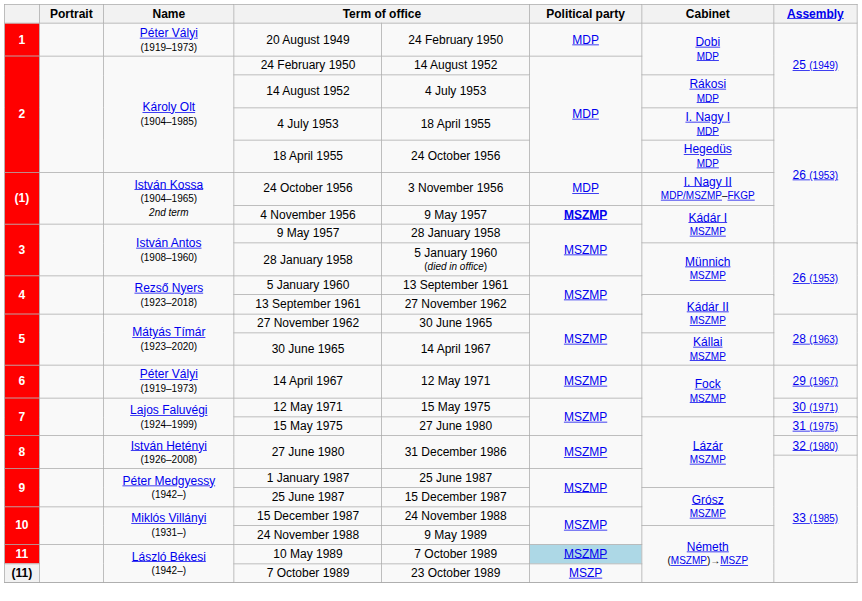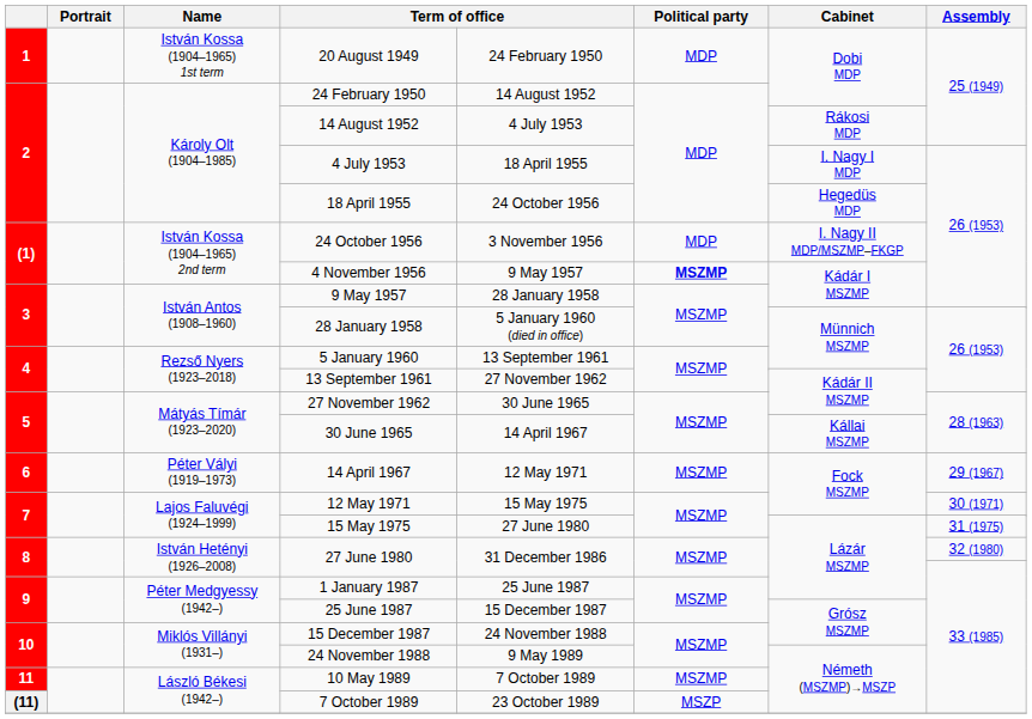 <table class="wikitable" style="width:90%; text-align:center;">
 <tr>
 <th></th>
 <th>Portrait</th>
 <th>Name<br></th>
 <th colspan=2>Term of office</th>
 <th>Political party</th>
 <th>Cabinet</th>
 <th><a href='#'>Assembly</a><br></th>
 </tr>
 <tr>
 <th style="background:Red; color:white">1</th>
 <td></td>
-<td><a href='#'>Péter Vályi</a><br><small>(1919–1973)</small></td>
+<td><a href='#'>István Kossa</a><br><small>(1904–1965)<br><em>1st term</em></small></td>
 <td>20 August 1949</td>
 <td>24 February 1950</td>
 <td><a href='#'>MDP</a></td>
 <td rowspan="2"><a href='#'>Dobi</a><br><small><a href='#'>MDP</a></small></td>
 <td rowspan="3"><a href='#'>25 <small>(1949)</small></a></td>
 </tr>
 <tr>
 <th rowspan="4" style="background:Red; color:white">2</th>
 <td rowspan="4"></td>
 <td rowspan="4"><a href='#'>Károly Olt</a><br><small>(1904–1985)</small></td>
 <td>24 February 1950</td>
 <td>14 August 1952</td>
 <td rowspan="4"><a href='#'>MDP</a></td>
 </tr>
 <tr>
 <td>14 August 1952</td>
 <td>4 July 1953</td>
 <td><a href='#'>Rákosi</a><br><small><a href='#'>MDP</a></small></td>
 </tr>
 <tr>
 <td>4 July 1953</td>
 <td>18 April 1955</td>
 <td><a href='#'>I. Nagy I</a><br><small><a href='#'>MDP</a></small></td>
 <td rowspan="6"><a href='#'>26 <small>(1953)</small></a></td>
 </tr>
 <tr>
 <td>18 April 1955</td>
 <td>24 October 1956</td>
 <td><a href='#'>Hegedüs</a><br><small><a href='#'>MDP</a></small></td>
 </tr>
 <tr>
 <th rowspan="2" style="background:Red; color:white">(1)</th>
 <td rowspan="2"></td>
 <td rowspan="2"><a href='#'>István Kossa</a><br><small>(1904–1965)<br><em>2nd term</em></small></td>
 <td>24 October 1956</td>
 <td>3 November 1956</td>
 <td><a href='#'>MDP</a></td>
 <td><a href='#'>I. Nagy II</a><br><small><a href='#'>MDP/MSZMP</a>–<a href='#'>FKGP</a></small></td>
 </tr>
 <tr>
 <td>4 November 1956</td>
 <td>9 May 1957</td>
 <td><strong><a href='#'>MSZMP</a></strong></td>
 <td rowspan="2"><a href='#'>Kádár I</a><br><small><a href='#'>MSZMP</a></small></td>
 </tr>
 <tr>
 <th rowspan="3" style="background:Red; color:white">3</th>
 <td rowspan="3"></td>
 <td rowspan="3"><a href='#'>István Antos</a><br><small>(1908–1960)</small></td>
 <td>9 May 1957</td>
 <td>28 January 1958</td>
 <td rowspan="3"><a href='#'>MSZMP</a></td>
 </tr>
 <tr>
 <td rowspan="2">28 January 1958</td>
 <td rowspan="2">5 January 1960<br><small>(<em>died in office</em>)</small></td>
 <td rowspan="4"><a href='#'>Münnich</a><br><small><a href='#'>MSZMP</a></small></td>
 </tr>
 <tr>
 <td rowspan="5"><a href='#'>26 <small>(1953)</small></a></td>
 </tr>
 <tr>
 <th rowspan="3" style="background:Red; color:white">4</th>
 <td rowspan="3"></td>
 <td rowspan="3"><a href='#'>Rezső Nyers</a><br><small>(1923–2018)</small></td>
 <td>5 January 1960</td>
 <td>13 September 1961</td>
 <td rowspan="3"><a href='#'>MSZMP</a></td>
 </tr>
 <tr>
 <td rowspan="2">13 September 1961</td>
 <td rowspan="2">27 November 1962</td>
 </tr>
 <tr>
 <td rowspan="3"><a href='#'>Kádár II</a><br><small><a href='#'>MSZMP</a></small></td>
 </tr>
 <tr>
 <th rowspan="3" style="background:Red; color:white">5</th>
 <td rowspan="3"></td>
 <td rowspan="3"><a href='#'>Mátyás Tímár</a><br><small>(1923–2020)</small></td>
 <td rowspan="2">27 November 1962</td>
 <td rowspan="2">30 June 1965</td>
 <td rowspan="3"><a href='#'>MSZMP</a></td>
 </tr>
 <tr>
 <td rowspan="2"><a href='#'>28 <small>(1963)</small></a></td>
 </tr>
 <tr>
 <td>30 June 1965</td>
 <td>14 April 1967</td>
 <td><a href='#'>Kállai</a><br><small><a href='#'>MSZMP</a></small></td>
 </tr>
 <tr>
 <th style="background:Red; color:white">6</th>
 <td></td>
 <td><a href='#'>Péter Vályi</a><br><small>(1919–1973)</small></td>
 <td>14 April 1967</td>
 <td>12 May 1971</td>
 <td><a href='#'>MSZMP</a></td>
 <td rowspan="2"><a href='#'>Fock</a><br><small><a href='#'>MSZMP</a></small></td>
 <td><a href='#'>29 <small>(1967)</small></a></td>
 </tr>
 <tr>
 <th rowspan="3" style="background:Red; color:white">7</th>
 <td rowspan="3"></td>
 <td rowspan="3"><a href='#'>Lajos Faluvégi</a><br><small>(1924–1999)</small></td>
 <td>12 May 1971</td>
 <td>15 May 1975</td>
 <td rowspan="3"><a href='#'>MSZMP</a></td>
 <td rowspan="2"><a href='#'>30 <small>(1971)</small></a></td>
 </tr>
 <tr>
 <td rowspan="2">15 May 1975</td>
 <td rowspan="2">27 June 1980</td>
 <td rowspan="5"><a href='#'>Lázár</a><br><small><a href='#'>MSZMP</a></small></td>
 </tr>
 <tr>
 <td><a href='#'>31 <small>(1975)</small></a></td>
 </tr>
 <tr>
 <th rowspan="2" style="background:Red; color:white">8</th>
 <td rowspan="2"></td>
 <td rowspan="2"><a href='#'>István Hetényi</a><br><small>(1926–2008)</small></td>
 <td rowspan="2">27 June 1980</td>
 <td rowspan="2">31 December 1986</td>
 <td rowspan="2"><a href='#'>MSZMP</a></td>
 <td><a href='#'>32 <small>(1980)</small></a></td>
 </tr>
 <tr>
 <td rowspan="7"><a href='#'>33 <small>(1985)</small></a></td>
 </tr>
 <tr>
 <th rowspan="2" style="background:Red; color:white">9</th>
 <td rowspan="2"></td>
 <td rowspan="2"><a href='#'>Péter Medgyessy</a><br><small>(1942–)</small></td>
 <td>1 January 1987</td>
 <td>25 June 1987</td>
 <td rowspan="2"><a href='#'>MSZMP</a></td>
 </tr>
 <tr>
 <td>25 June 1987</td>
 <td>15 December 1987</td>
 <td rowspan="2"><a href='#'>Grósz</a><br><small><a href='#'>MSZMP</a></small></td>
 </tr>
 <tr>
 <th rowspan="2" style="background:Red; color:white">10</th>
 <td rowspan="2"></td>
 <td rowspan="2"><a href='#'>Miklós Villányi</a><br><small>(1931–)</small></td>
 <td>15 December 1987</td>
 <td>24 November 1988</td>
 <td rowspan="2"><a href='#'>MSZMP</a></td>
 </tr>
 <tr>
 <td>24 November 1988</td>
 <td>9 May 1989</td>
 <td rowspan="3"><a href='#'>Németh</a><br><small>(<a href='#'>MSZMP</a>)→<a href='#'>MSZP</a></small></td>
 </tr>
 <tr>
 <th style="background:Red; color:white">11</th>
 <td rowspan="2"></td>
 <td rowspan="2"><a href='#'>László Békesi</a><br><small>(1942–)</small></td>
 <td>10 May 1989</td>
 <td>7 October 1989</td>
-<td style="background: lightblue;"><a href='#'>MSZMP</a></td>
+<td><a href='#'>MSZMP</a></td>
 </tr>
 <tr>
 <th style="background:">(11)</th>
 <td>7 October 1989</td>
 <td>23 October 1989</td>
 <td><a href='#'>MSZP</a></td>
 </tr>
 <tr>
 </tr>
 </table>
